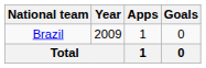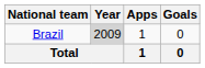 <table class=wikitable style="text-align:center">
 <tr>
 <th>National team</th>
 <th>Year</th>
 <th>Apps</th>
 <th>Goals</th>
 </tr>
 <tr>
 <td><a href='#'>Brazil</a></td>
-<td>2009</td>
+<td style="background: lightgrey;">2009</td>
 <td>1</td>
 <td>0</td>
 </tr>
 <tr>
 <th colspan="2">Total</th>
 <th>1</th>
 <th>0</th>
 </tr>
 </table>
